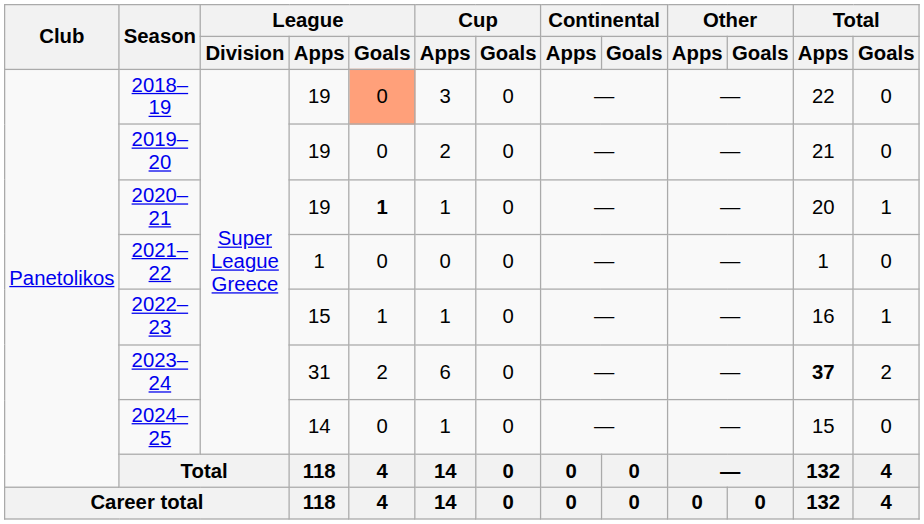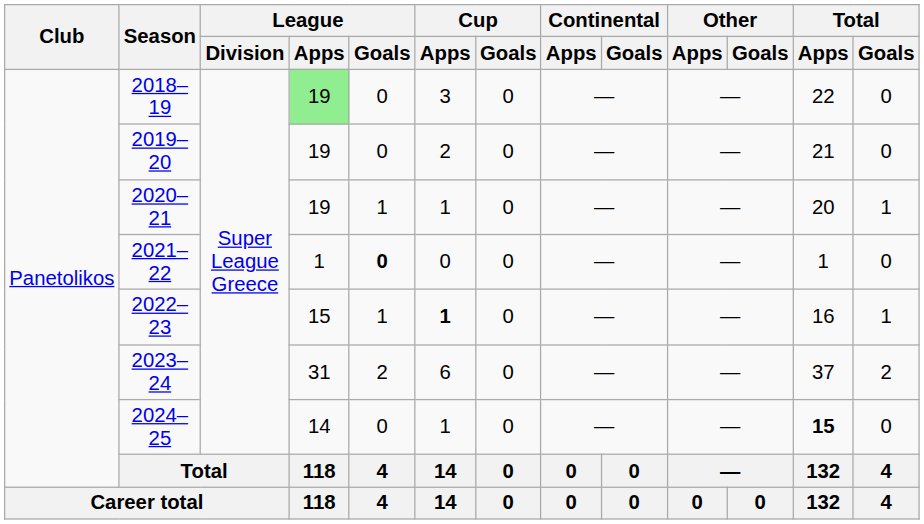 <table class="wikitable" style="text-align:center">
 <tr>
 <th rowspan=2>Club</th>
 <th rowspan=2>Season</th>
 <th colspan=3>League</th>
 <th colspan=2>Cup</th>
 <th colspan=2>Continental</th>
 <th colspan=2>Other</th>
 <th colspan=2>Total</th>
 </tr>
 <tr>
 <th>Division</th>
 <th>Apps</th>
 <th>Goals</th>
 <th>Apps</th>
 <th>Goals</th>
 <th>Apps</th>
 <th>Goals</th>
 <th>Apps</th>
 <th>Goals</th>
 <th>Apps</th>
 <th>Goals</th>
 </tr>
 <tr>
 <td rowspan="8"><a href='#'>Panetolikos</a></td>
 <td><a href='#'>2018–19</a></td>
 <td rowspan="7"><a href='#'>Super League Greece</a></td>
-<td>19</td>
-<td style="background: lightsalmon;">0</td>
+<td style="background: lightgreen;">19</td>
+<td>0</td>
 <td>3</td>
 <td>0</td>
 <td colspan="2">—</td>
 <td colspan="2">—</td>
 <td>22</td>
 <td>0</td>
 </tr>
 <tr>
 <td><a href='#'>2019–20</a></td>
 <td>19</td>
 <td>0</td>
 <td>2</td>
 <td>0</td>
 <td colspan="2">—</td>
 <td colspan="2">—</td>
 <td>21</td>
 <td>0</td>
 </tr>
 <tr>
 <td><a href='#'>2020–21</a></td>
 <td>19</td>
-<td><strong>1</strong></td>
+<td>1</td>
 <td>1</td>
 <td>0</td>
 <td colspan="2">—</td>
 <td colspan="2">—</td>
 <td>20</td>
 <td>1</td>
 </tr>
 <tr>
 <td><a href='#'>2021–22</a></td>
 <td>1</td>
-<td>0</td>
+<td><strong>0</strong></td>
 <td>0</td>
 <td>0</td>
 <td colspan="2">—</td>
 <td colspan="2">—</td>
 <td>1</td>
 <td>0</td>
 </tr>
 <tr>
 <td><a href='#'>2022–23</a></td>
 <td>15</td>
 <td>1</td>
-<td>1</td>
+<td><strong>1</strong></td>
 <td>0</td>
 <td colspan="2">—</td>
 <td colspan="2">—</td>
 <td>16</td>
 <td>1</td>
 </tr>
 <tr>
 <td><a href='#'>2023–24</a></td>
 <td>31</td>
 <td>2</td>
 <td>6</td>
 <td>0</td>
 <td colspan="2">—</td>
 <td colspan="2">—</td>
-<td><strong>37</strong></td>
+<td>37</td>
 <td>2</td>
 </tr>
 <tr>
 <td><a href='#'>2024–25</a></td>
 <td>14</td>
 <td>0</td>
 <td>1</td>
 <td>0</td>
 <td colspan="2">—</td>
 <td colspan="2">—</td>
-<td>15</td>
+<td><strong>15</strong></td>
 <td>0</td>
 </tr>
 <tr>
 <th colspan="2">Total</th>
 <th>118</th>
 <th>4</th>
 <th>14</th>
 <th>0</th>
 <th>0</th>
 <th>0</th>
 <th colspan="2">—</th>
 <th>132</th>
 <th>4</th>
 </tr>
 <tr>
 <th colspan="3">Career total</th>
 <th>118</th>
 <th>4</th>
 <th>14</th>
 <th>0</th>
 <th>0</th>
 <th>0</th>
 <th>0</th>
 <th>0</th>
 <th>132</th>
 <th>4</th>
 </tr>
 </table>
